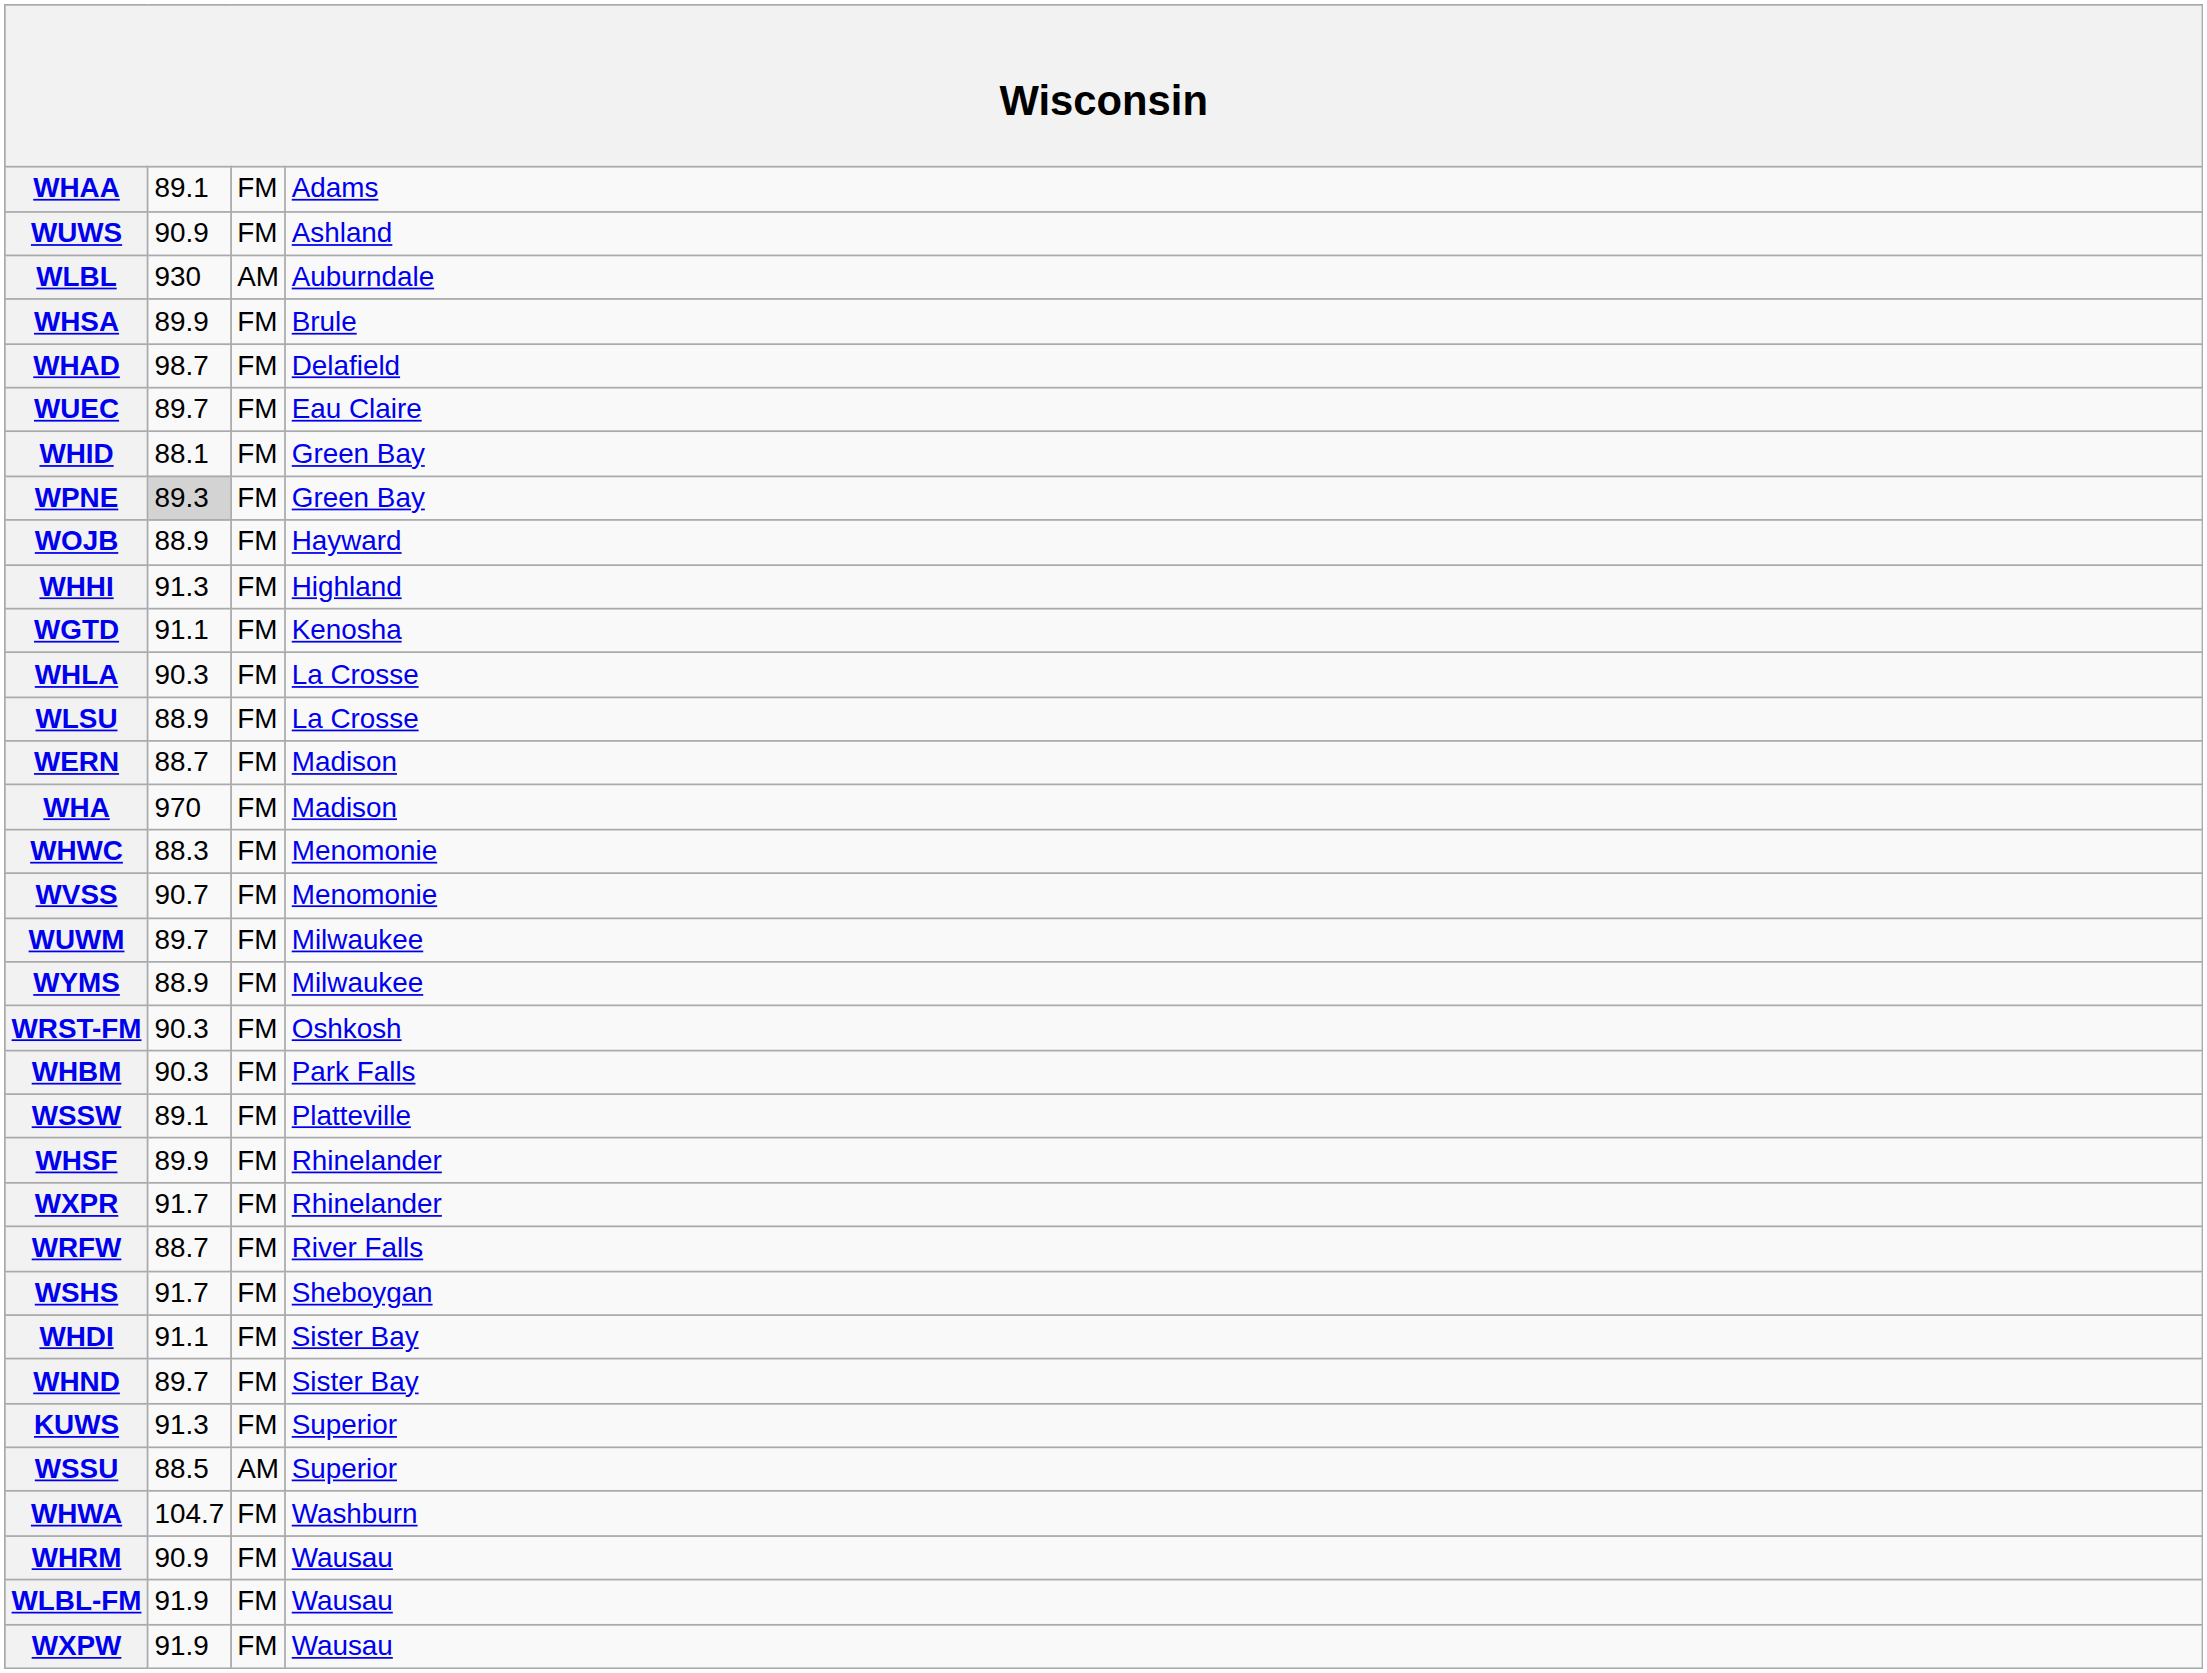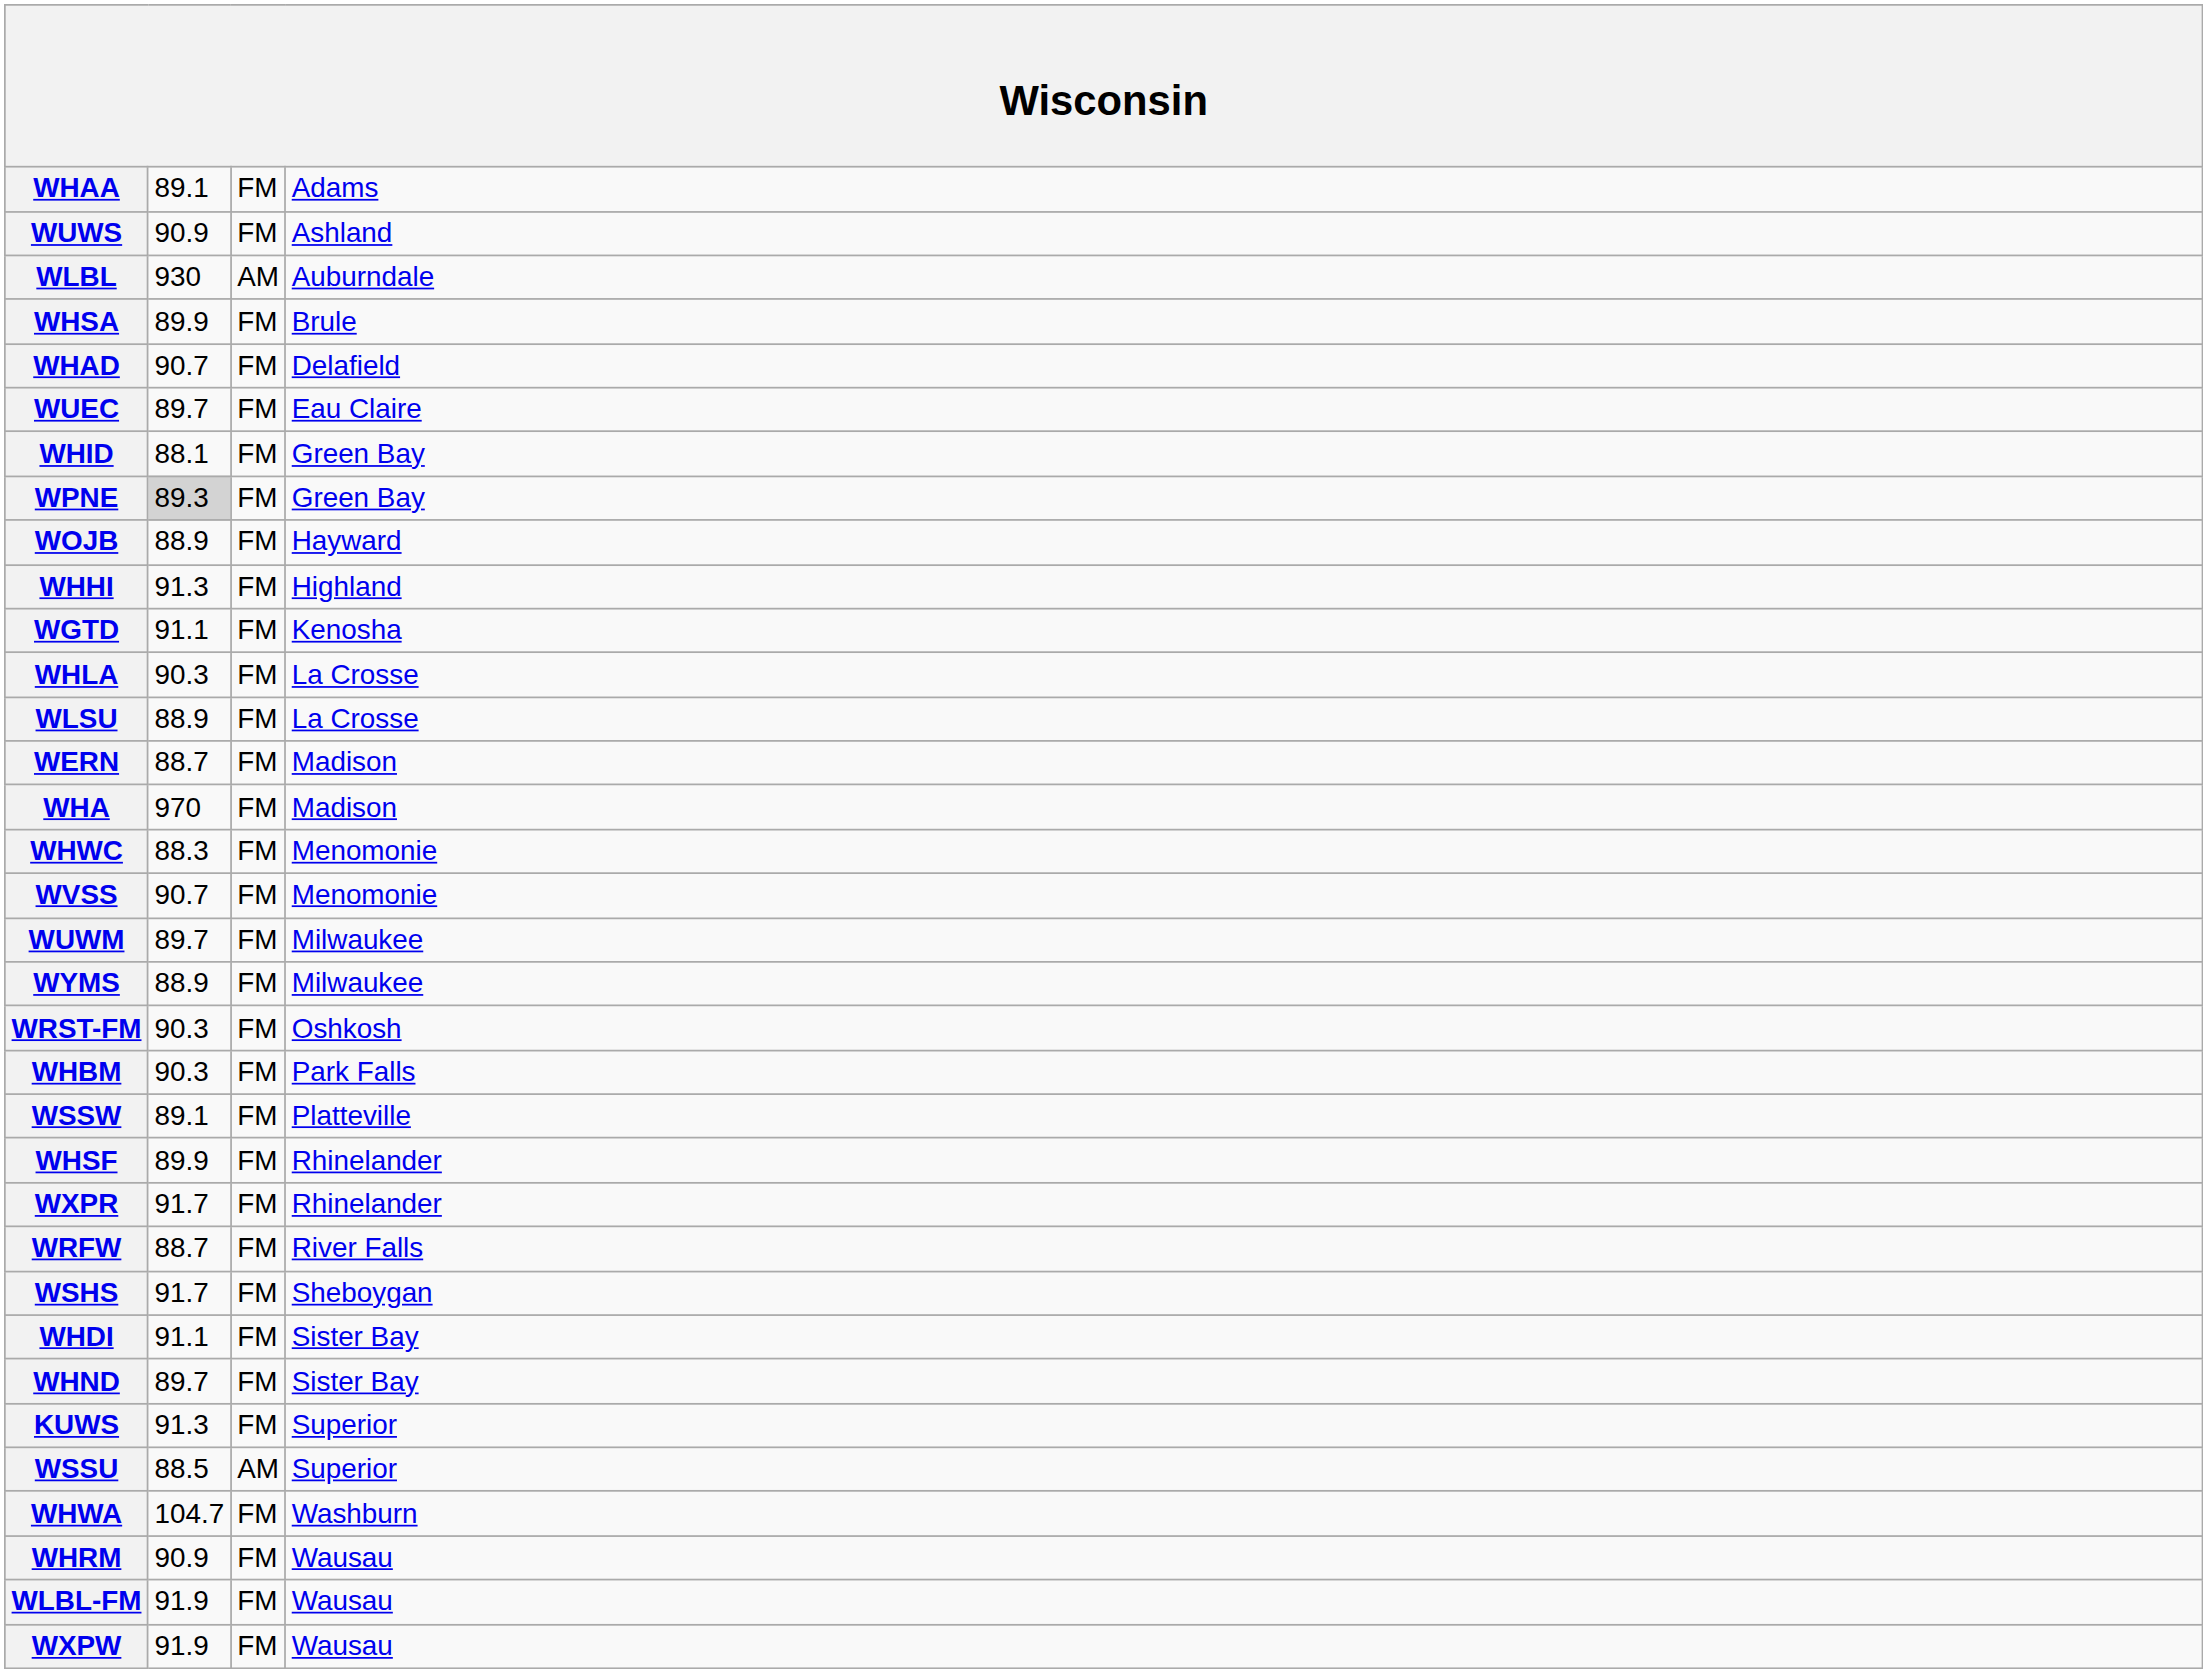 <table class="wikitable mw-collapsible" style="width:100%">
 <tr>
 <th scope="col" colspan="4"><br><h2>Wisconsin</h2></th>
 </tr>
 <tr>
 <th scope="row" style="width: 75px;"><a href='#'>WHAA</a></th>
 <td style="width: 40px;">89.1</td>
 <td style="width: 21px;">FM</td>
 <td><a href='#'>Adams</a></td>
 </tr>
 <tr>
 <th scope="row"><a href='#'>WUWS</a></th>
 <td>90.9</td>
 <td>FM</td>
 <td><a href='#'>Ashland</a></td>
 </tr>
 <tr>
 <th scope="row"><a href='#'>WLBL</a></th>
 <td>930</td>
 <td>AM</td>
 <td><a href='#'>Auburndale</a></td>
 </tr>
 <tr>
 <th scope="row"><a href='#'>WHSA</a></th>
 <td>89.9</td>
 <td>FM</td>
 <td><a href='#'>Brule</a></td>
 </tr>
 <tr>
 <th scope="row"><a href='#'>WHAD</a></th>
-<td>98.7</td>
+<td>90.7</td>
 <td>FM</td>
 <td><a href='#'>Delafield</a></td>
 </tr>
 <tr>
 <th scope="row"><a href='#'>WUEC</a></th>
 <td>89.7</td>
 <td>FM</td>
 <td><a href='#'>Eau Claire</a></td>
 </tr>
 <tr>
 <th scope="row"><a href='#'>WHID</a></th>
 <td>88.1</td>
 <td>FM</td>
 <td><a href='#'>Green Bay</a></td>
 </tr>
 <tr>
 <th scope="row"><a href='#'>WPNE</a></th>
 <td style="background: lightgrey;">89.3</td>
 <td>FM</td>
 <td><a href='#'>Green Bay</a></td>
 </tr>
 <tr>
 <th scope="row"><a href='#'>WOJB</a></th>
 <td>88.9</td>
 <td>FM</td>
 <td><a href='#'>Hayward</a></td>
 </tr>
 <tr>
 <th scope="row"><a href='#'>WHHI</a></th>
 <td>91.3</td>
 <td>FM</td>
 <td><a href='#'>Highland</a></td>
 </tr>
 <tr>
 <th scope="row"><a href='#'>WGTD</a></th>
 <td>91.1</td>
 <td>FM</td>
 <td><a href='#'>Kenosha</a></td>
 </tr>
 <tr>
 <th scope="row"><a href='#'>WHLA</a></th>
 <td>90.3</td>
 <td>FM</td>
 <td><a href='#'>La Crosse</a></td>
 </tr>
 <tr>
 <th scope="row"><a href='#'>WLSU</a></th>
 <td>88.9</td>
 <td>FM</td>
 <td><a href='#'>La Crosse</a></td>
 </tr>
 <tr>
 <th scope="row"><a href='#'>WERN</a></th>
 <td>88.7</td>
 <td>FM</td>
 <td><a href='#'>Madison</a></td>
 </tr>
 <tr>
 <th scope="row"><a href='#'>WHA</a></th>
 <td>970</td>
 <td>FM</td>
 <td><a href='#'>Madison</a></td>
 </tr>
 <tr>
 <th scope="row"><a href='#'>WHWC</a></th>
 <td>88.3</td>
 <td>FM</td>
 <td><a href='#'>Menomonie</a></td>
 </tr>
 <tr>
 <th scope="row"><a href='#'>WVSS</a></th>
 <td>90.7</td>
 <td>FM</td>
 <td><a href='#'>Menomonie</a></td>
 </tr>
 <tr>
 <th scope="row"><a href='#'>WUWM</a></th>
 <td>89.7</td>
 <td>FM</td>
 <td><a href='#'>Milwaukee</a></td>
 </tr>
 <tr>
 <th scope="row"><a href='#'>WYMS</a></th>
 <td>88.9</td>
 <td>FM</td>
 <td><a href='#'>Milwaukee</a></td>
 </tr>
 <tr>
 <th scope="row"><a href='#'>WRST-FM</a></th>
 <td>90.3</td>
 <td>FM</td>
 <td><a href='#'>Oshkosh</a></td>
 </tr>
 <tr>
 <th scope="row"><a href='#'>WHBM</a></th>
 <td>90.3</td>
 <td>FM</td>
 <td><a href='#'>Park Falls</a></td>
 </tr>
 <tr>
 <th scope="row"><a href='#'>WSSW</a></th>
 <td>89.1</td>
 <td>FM</td>
 <td><a href='#'>Platteville</a></td>
 </tr>
 <tr>
 <th scope="row"><a href='#'>WHSF</a></th>
 <td>89.9</td>
 <td>FM</td>
 <td><a href='#'>Rhinelander</a></td>
 </tr>
 <tr>
 <th scope="row"><a href='#'>WXPR</a></th>
 <td>91.7</td>
 <td>FM</td>
 <td><a href='#'>Rhinelander</a></td>
 </tr>
 <tr>
 <th scope="row"><a href='#'>WRFW</a></th>
 <td>88.7</td>
 <td>FM</td>
 <td><a href='#'>River Falls</a></td>
 </tr>
 <tr>
 <th scope="row"><a href='#'>WSHS</a></th>
 <td>91.7</td>
 <td>FM</td>
 <td><a href='#'>Sheboygan</a></td>
 </tr>
 <tr>
 <th scope="row"><a href='#'>WHDI</a></th>
 <td>91.1</td>
 <td>FM</td>
 <td><a href='#'>Sister Bay</a></td>
 </tr>
 <tr>
 <th scope="row"><a href='#'>WHND</a></th>
 <td>89.7</td>
 <td>FM</td>
 <td><a href='#'>Sister Bay</a></td>
 </tr>
 <tr>
 <th scope="row"><a href='#'>KUWS</a></th>
 <td>91.3</td>
 <td>FM</td>
 <td><a href='#'>Superior</a></td>
 </tr>
 <tr>
 <th scope="row"><a href='#'>WSSU</a></th>
 <td>88.5</td>
 <td>AM</td>
 <td><a href='#'>Superior</a></td>
 </tr>
 <tr>
 <th scope="row"><a href='#'>WHWA</a></th>
 <td>104.7</td>
 <td>FM</td>
 <td><a href='#'>Washburn</a></td>
 </tr>
 <tr>
 <th scope="row"><a href='#'>WHRM</a></th>
 <td>90.9</td>
 <td>FM</td>
 <td><a href='#'>Wausau</a></td>
 </tr>
 <tr>
 <th scope="row"><a href='#'>WLBL-FM</a></th>
 <td>91.9</td>
 <td>FM</td>
 <td><a href='#'>Wausau</a></td>
 </tr>
 <tr>
 <th scope="row"><a href='#'>WXPW</a></th>
 <td>91.9</td>
 <td>FM</td>
 <td><a href='#'>Wausau</a></td>
 </tr>
 </table>
